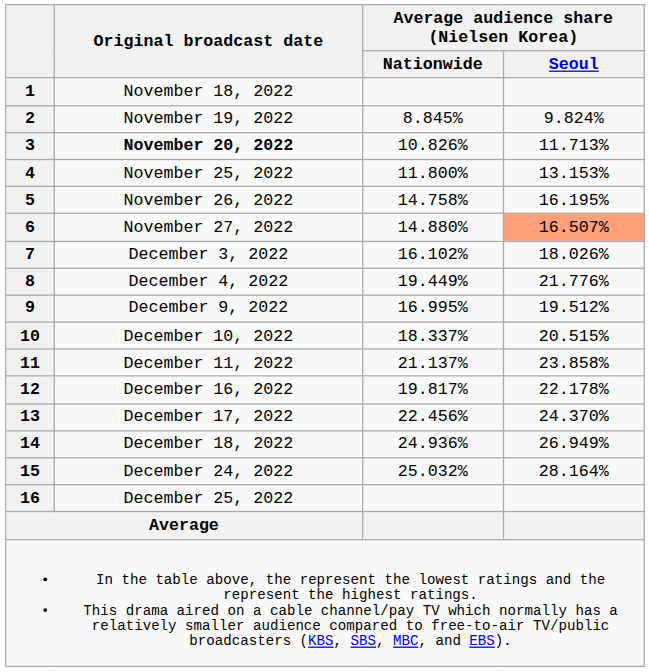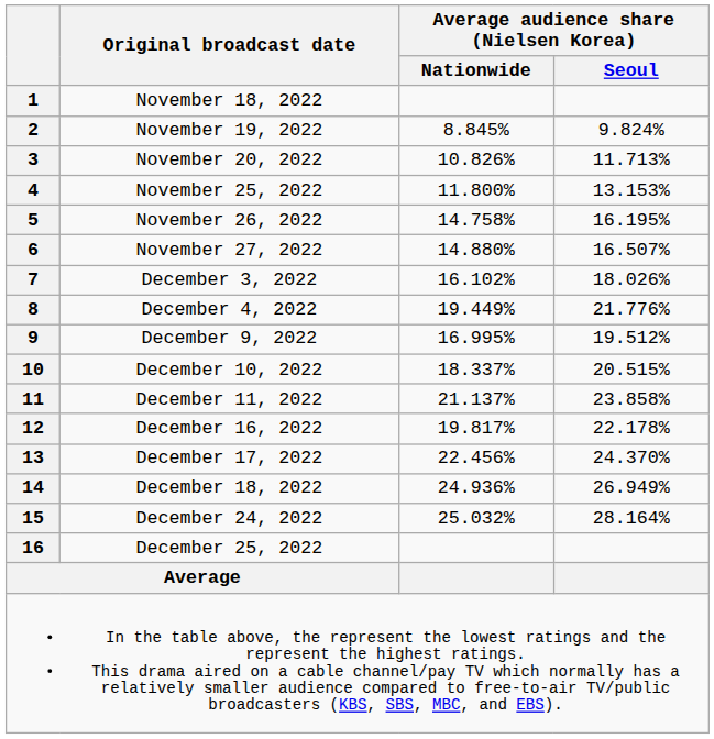 <table class="wikitable" style="margin-left:auto; margin-right:auto; width:500px; text-align:center">
 <tr>
 <th scope="col" rowspan="2"></th>
 <th scope="col" rowspan="2">Original broadcast date</th>
 <th scope="col" colspan="2">Average audience share<br>(Nielsen Korea)</th>
 </tr>
 <tr>
 <th scope="col" style="width:8em">Nationwide</th>
 <th scope="col" style="width:8em"><a href='#'>Seoul</a></th>
 </tr>
 <tr>
 <th scope="col">1</th>
 <td>November 18, 2022</td>
 <td><strong></strong> </td>
 <td><strong></strong> </td>
 </tr>
 <tr>
 <th scope="col">2</th>
 <td>November 19, 2022</td>
 <td>8.845% </td>
 <td>9.824% </td>
 </tr>
 <tr>
 <th scope="col">3</th>
-<td><strong>November 20, 2022</strong></td>
+<td>November 20, 2022</td>
 <td>10.826% </td>
 <td>11.713% </td>
 </tr>
 <tr>
 <th scope="col">4</th>
 <td>November 25, 2022</td>
 <td>11.800% </td>
 <td>13.153% </td>
 </tr>
 <tr>
 <th scope="col">5</th>
 <td>November 26, 2022</td>
 <td>14.758% </td>
 <td>16.195% </td>
 </tr>
 <tr>
 <th scope="col">6</th>
 <td>November 27, 2022</td>
 <td>14.880% </td>
-<td style="background: lightsalmon;">16.507% </td>
+<td>16.507% </td>
 </tr>
 <tr>
 <th scope="col">7</th>
 <td>December 3, 2022</td>
 <td>16.102% </td>
 <td>18.026% </td>
 </tr>
 <tr>
 <th scope="col">8</th>
 <td>December 4, 2022</td>
 <td>19.449% </td>
 <td>21.776% </td>
 </tr>
 <tr>
 <th scope="col">9</th>
 <td>December 9, 2022</td>
 <td>16.995% </td>
 <td>19.512% </td>
 </tr>
 <tr>
 <th scope="col">10</th>
 <td>December 10, 2022</td>
 <td>18.337% </td>
 <td>20.515% </td>
 </tr>
 <tr>
 <th scope="col">11</th>
 <td>December 11, 2022</td>
 <td>21.137% </td>
 <td>23.858% </td>
 </tr>
 <tr>
 <th scope="col">12</th>
 <td>December 16, 2022</td>
 <td>19.817% </td>
 <td>22.178% </td>
 </tr>
 <tr>
 <th scope="col">13</th>
 <td>December 17, 2022</td>
 <td>22.456% </td>
 <td>24.370% </td>
 </tr>
 <tr>
 <th scope="col">14</th>
 <td>December 18, 2022</td>
 <td>24.936% </td>
 <td>26.949% </td>
 </tr>
 <tr>
 <th scope="col">15</th>
 <td>December 24, 2022</td>
 <td>25.032% </td>
 <td>28.164% </td>
 </tr>
 <tr>
 <th scope="col">16</th>
 <td>December 25, 2022</td>
 <td><strong></strong> </td>
 <td><strong></strong> </td>
 </tr>
 <tr>
 <th scope="col" colspan="2">Average</th>
 <th scope="col"></th>
 <th scope="col"></th>
 </tr>
 <tr>
 <td colspan="4" style="font-size:85%"><br><ul><li>In the table above, the <strong></strong> represent the lowest ratings and the <strong></strong> represent the highest ratings.</li><li>This drama aired on a cable channel/pay TV which normally has a relatively smaller audience compared to free-to-air TV/public broadcasters (<a href='#'>KBS</a>, <a href='#'>SBS</a>, <a href='#'>MBC</a>, and <a href='#'>EBS</a>).</li></ul></td>
 </tr>
 </table>
